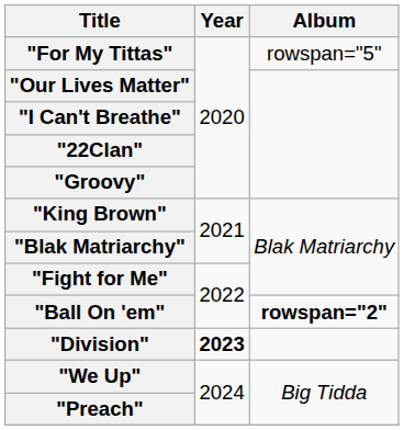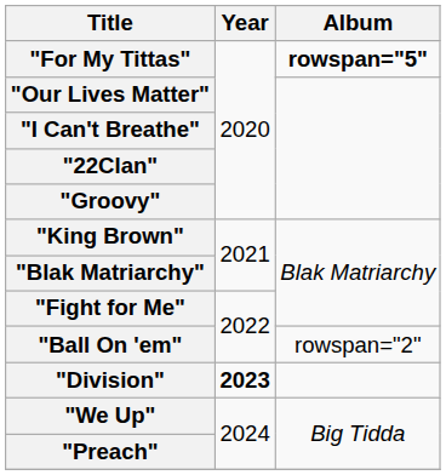 <table class="wikitable plainrowheaders" style="text-align:center;">
 <tr>
 <th scope="col" rowspan="1">Title</th>
 <th scope="col" rowspan="1">Year</th>
 <th scope="col" rowspan="1">Album</th>
 </tr>
 <tr>
 <th scope="row">"For My Tittas"</th>
 <td rowspan="5">2020</td>
-<td>rowspan="5" </td>
+<td><strong>rowspan="5" </strong></td>
 </tr>
 <tr>
 <th scope="row">"Our Lives Matter"</th>
 </tr>
 <tr>
 <th scope="row">"I Can't Breathe"<br></th>
 </tr>
 <tr>
 <th scope="row">"22Clan"</th>
 </tr>
 <tr>
 <th scope="row">"Groovy"</th>
 </tr>
 <tr>
 <th scope="row">"King Brown"</th>
 <td rowspan="2">2021</td>
 <td rowspan="3"><em>Blak Matriarchy</em></td>
 </tr>
 <tr>
 <th scope="row">"Blak Matriarchy"</th>
 </tr>
 <tr>
 <th scope="row">"Fight for Me"<br></th>
 <td rowspan="2">2022</td>
 </tr>
 <tr>
 <th scope="row">"Ball On 'em"</th>
-<td><strong>rowspan="2" </strong></td>
+<td>rowspan="2" </td>
 </tr>
 <tr>
 <th scope="row">"Division"</th>
 <td><strong>2023</strong></td>
 </tr>
 <tr>
 <th scope="row">"We Up"</th>
 <td rowspan="2">2024</td>
 <td rowspan="2"><em>Big Tidda</em></td>
 </tr>
 <tr>
 <th scope="row">"Preach"</th>
 </tr>
 <tr>
 </tr>
 </table>
